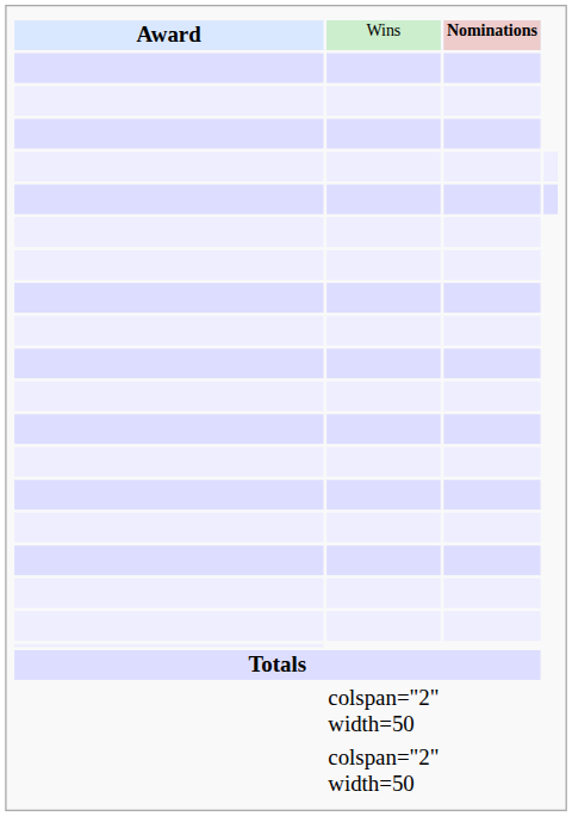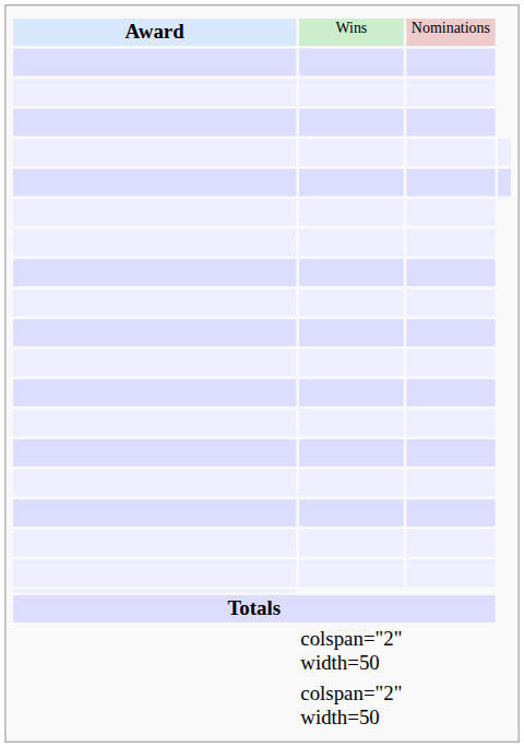 <table class="infobox" style="width: 25em; text-align: left; font-size: 90%; vertical-align: middle;">
 <tr>
 <td colspan="3" style="text-align:center;"></td>
 </tr>
 <tr bgcolor=#D9E8FF style="text-align:center;">
 <th style="vertical-align: middle;">Award</th>
 <td style="background:#cceecc; font-size:8pt;" width="60px">Wins</td>
-<td style="background:#eecccc; font-size:8pt;" width="60px"><strong>Nominations</strong></td>
+<td style="background:#eecccc; font-size:8pt;" width="60px">Nominations</td>
 </tr>
 <tr bgcolor=#ddddff>
 <td align="center"><br></td>
 <td></td>
 <td></td>
 </tr>
 <tr bgcolor=#eeeeff>
 <td align="center"><br></td>
 <td></td>
 <td></td>
 </tr>
 <tr bgcolor=#ddddff>
 <td align="center"><br></td>
 <td></td>
 <td></td>
 </tr>
 <tr bgcolor=#eeeeff>
 <td align="center"><br></td>
 <td></td>
 <td></td>
 <td align="center"></td>
 </tr>
 <tr bgcolor=#ddddff>
 <td align="center"><br></td>
 <td></td>
 <td></td>
 <td align="center"></td>
 </tr>
 <tr bgcolor=#eeeeff>
 <td align="center"><br></td>
 <td></td>
 <td></td>
 </tr>
 <tr bgcolor=#eeeeff>
 <td align="center"><br></td>
 <td></td>
 <td></td>
 </tr>
 <tr bgcolor=#ddddff>
 <td align="center"><br></td>
 <td></td>
 <td></td>
 </tr>
 <tr bgcolor=#eeeeff>
 <td align="center"><br></td>
 <td></td>
 <td></td>
 </tr>
 <tr bgcolor=#ddddff>
 <td align="center"><br></td>
 <td></td>
 <td></td>
 </tr>
 <tr bgcolor=#eeeeff>
 <td align="center"><br></td>
 <td></td>
 <td></td>
 </tr>
 <tr bgcolor=#ddddff>
 <td align="center"><br></td>
 <td></td>
 <td></td>
 </tr>
 <tr bgcolor=#eeeeff>
 <td align="center"><br></td>
 <td></td>
 <td></td>
 </tr>
 <tr bgcolor=#ddddff>
 <td align="center"><br></td>
 <td></td>
 <td></td>
 </tr>
 <tr bgcolor=#eeeeff>
 <td align="center"><br></td>
 <td></td>
 <td></td>
 </tr>
 <tr bgcolor=#ddddff>
 <td align="center"><br></td>
 <td></td>
 <td></td>
 </tr>
 <tr bgcolor=#eeeeff>
 <td align="center"><br></td>
 <td></td>
 <td></td>
 </tr>
 <tr bgcolor=#eeeeff>
 <td align="center"><br></td>
 <td></td>
 <td></td>
 </tr>
 <tr bgcolor=#eeeeff>
 <td align="center"></td>
 </tr>
 <tr bgcolor=#ddddff>
 <td colspan="3" style="text-align:center;"><strong>Totals</strong></td>
 </tr>
 <tr>
 <td></td>
 <td>colspan="2" width=50 </td>
 </tr>
 <tr>
 <td></td>
 <td>colspan="2" width=50 </td>
 </tr>
 <tr>
 </tr>
 </table>
